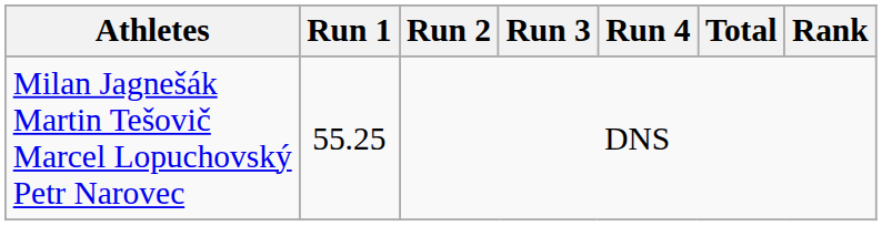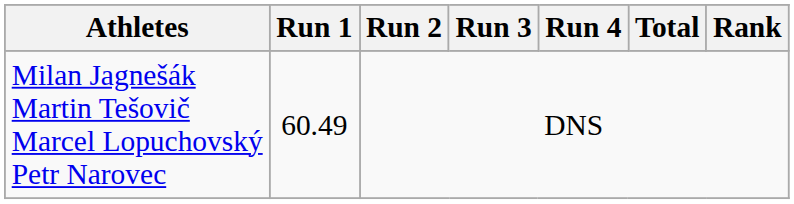 <table class="wikitable" border="1">
 <tr>
 <th>Athletes</th>
 <th>Run 1</th>
 <th>Run 2</th>
 <th>Run 3</th>
 <th>Run 4</th>
 <th>Total</th>
 <th>Rank</th>
 </tr>
 <tr>
 <td><a href='#'>Milan Jagnešák</a><br><a href='#'>Martin Tešovič</a><br><a href='#'>Marcel Lopuchovský</a><br><a href='#'>Petr Narovec</a></td>
-<td align="center">55.25</td>
+<td align="center">60.49</td>
 <td align="center" colspan=5>DNS</td>
 </tr>
 </table>
